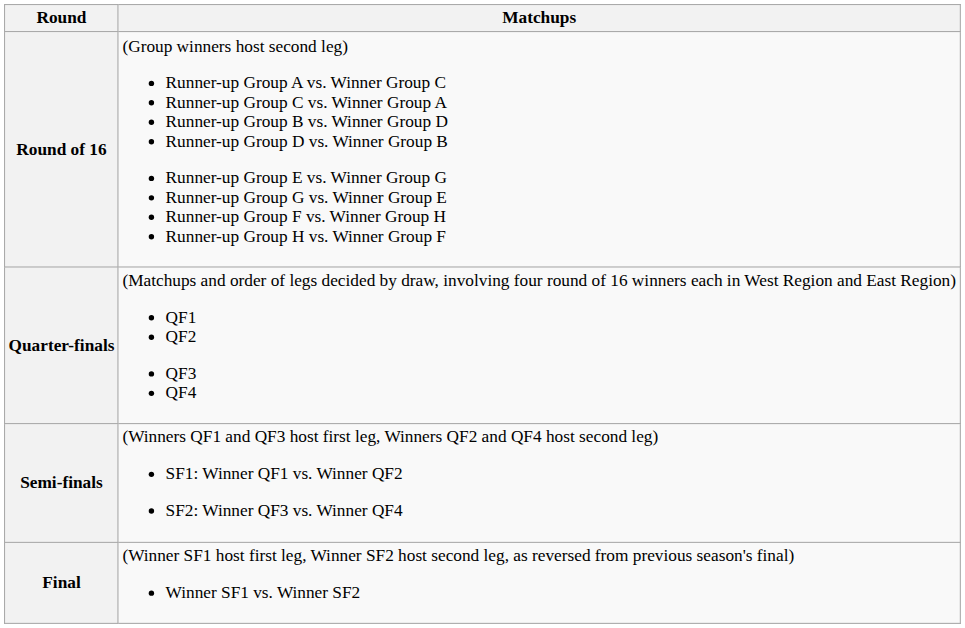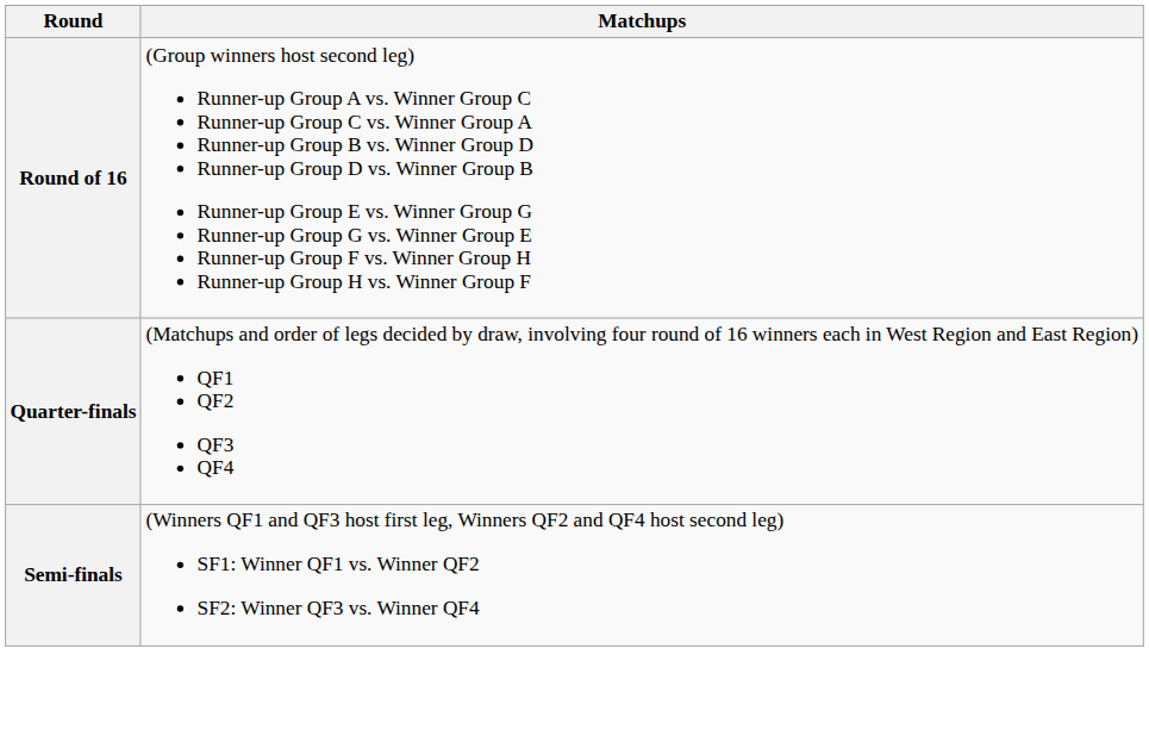 <table class=wikitable>
 <tr>
 <th>Round</th>
 <th>Matchups</th>
 </tr>
 <tr>
 <th>Round of 16</th>
 <td>(Group winners host second leg)<br> <ul><li>Runner-up Group A vs. Winner Group C</li><li>Runner-up Group C vs. Winner Group A</li><li>Runner-up Group B vs. Winner Group D</li><li>Runner-up Group D vs. Winner Group B</li></ul><ul><li>Runner-up Group E vs. Winner Group G</li><li>Runner-up Group G vs. Winner Group E</li><li>Runner-up Group F vs. Winner Group H</li><li>Runner-up Group H vs. Winner Group F</li></ul></td>
 </tr>
 <tr>
 <th>Quarter-finals</th>
 <td>(Matchups and order of legs decided by draw, involving four round of 16 winners each in West Region and East Region)<br> <ul><li>QF1</li><li>QF2</li></ul><ul><li>QF3</li><li>QF4</li></ul></td>
 </tr>
 <tr>
 <th>Semi-finals</th>
 <td>(Winners QF1 and QF3 host first leg, Winners QF2 and QF4 host second leg)<br> <ul><li>SF1: Winner QF1 vs. Winner QF2</li></ul><ul><li>SF2: Winner QF3 vs. Winner QF4</li></ul></td>
 </tr>
-<tr>
-<th>Final</th>
-<td>(Winner SF1 host first leg, Winner SF2 host second leg, as reversed from previous season's final)<br><ul><li>Winner SF1 vs. Winner SF2</li></ul></td>
-</tr>
 </table>
